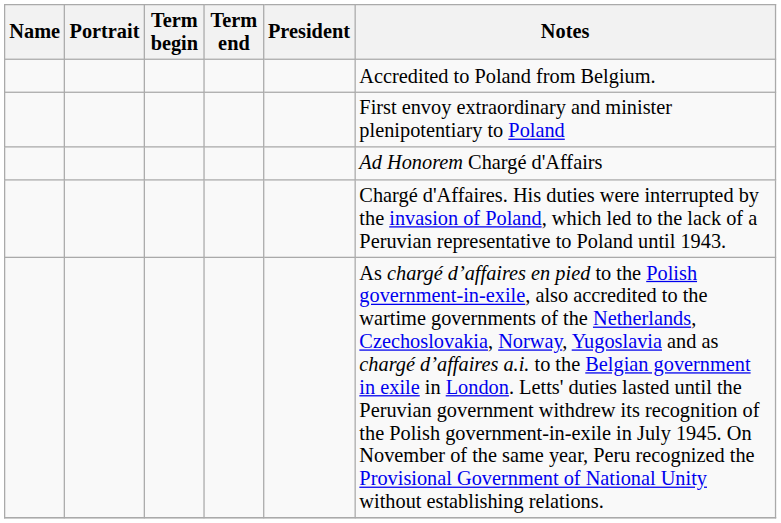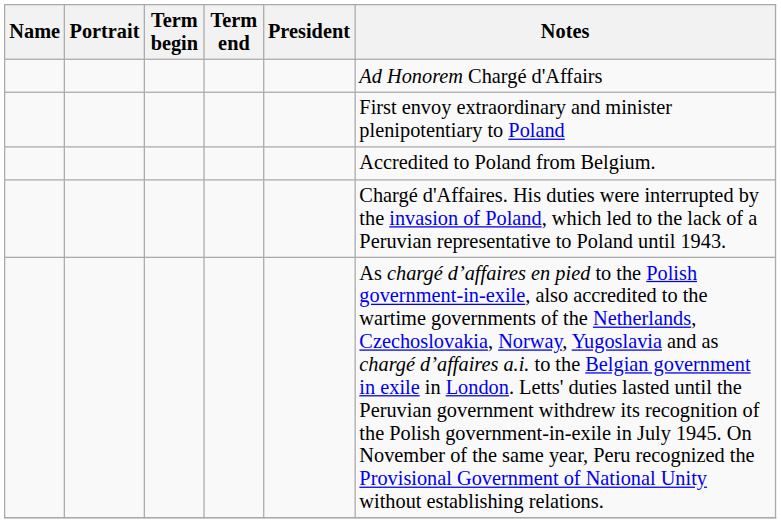 <table class="wikitable sortable"  text-align:center;">
 <tr>
 <th>Name</th>
 <th class="unsortable">Portrait</th>
 <th>Term begin</th>
 <th>Term end</th>
 <th>President</th>
 <th class="unsortable">Notes</th>
 </tr>
 <tr>
 <td></td>
 <td></td>
 <td></td>
 <td></td>
 <td></td>
-<td>Accredited to Poland from Belgium.</td>
+<td><em>Ad Honorem</em> Chargé d'Affairs</td>
 </tr>
 <tr>
 <td></td>
 <td></td>
 <td></td>
 <td></td>
 <td></td>
 <td>First envoy extraordinary and minister plenipotentiary to <a href='#'>Poland</a></td>
 </tr>
 <tr>
 <td></td>
 <td></td>
 <td></td>
 <td></td>
 <td></td>
-<td><em>Ad Honorem</em> Chargé d'Affairs</td>
+<td>Accredited to Poland from Belgium.</td>
 </tr>
 <tr>
 <td></td>
 <td></td>
 <td></td>
 <td></td>
 <td></td>
 <td>Chargé d'Affaires. His duties were interrupted by the <a href='#'>invasion of Poland</a>, which led to the lack of a Peruvian representative to Poland until 1943.</td>
 </tr>
 <tr>
 <td></td>
 <td></td>
 <td></td>
 <td></td>
 <td></td>
 <td>As <em>chargé d’affaires en pied</em> to the <a href='#'>Polish government-in-exile</a>, also accredited to the wartime governments of the <a href='#'>Netherlands</a>, <a href='#'>Czechoslovakia</a>, <a href='#'>Norway</a>, <a href='#'>Yugoslavia</a> and as <em>chargé d’affaires a.i.</em> to the <a href='#'>Belgian government in exile</a> in <a href='#'>London</a>. Letts' duties lasted until the Peruvian government withdrew its recognition of the Polish government-in-exile in July 1945. On November of the same year, Peru recognized the <a href='#'>Provisional Government of National Unity</a> without establishing relations.</td>
 </tr>
 <tr>
 </tr>
 </table>
